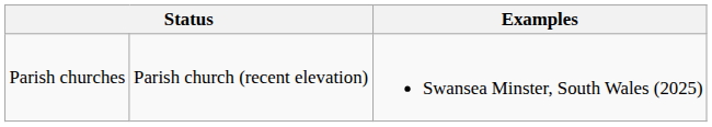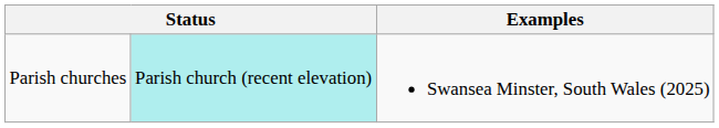 <table class="wikitable" border="1">
 <tr>
 <th colspan="2">Status</th>
 <th>Examples</th>
 </tr>
 <tr>
 <td>Parish churches</td>
-<td>Parish church (recent elevation)</td>
+<td style="background: paleturquoise;">Parish church (recent elevation)</td>
 <td><br><ul><li>Swansea Minster, South Wales (2025)</li></ul></td>
 </tr>
 </table>
